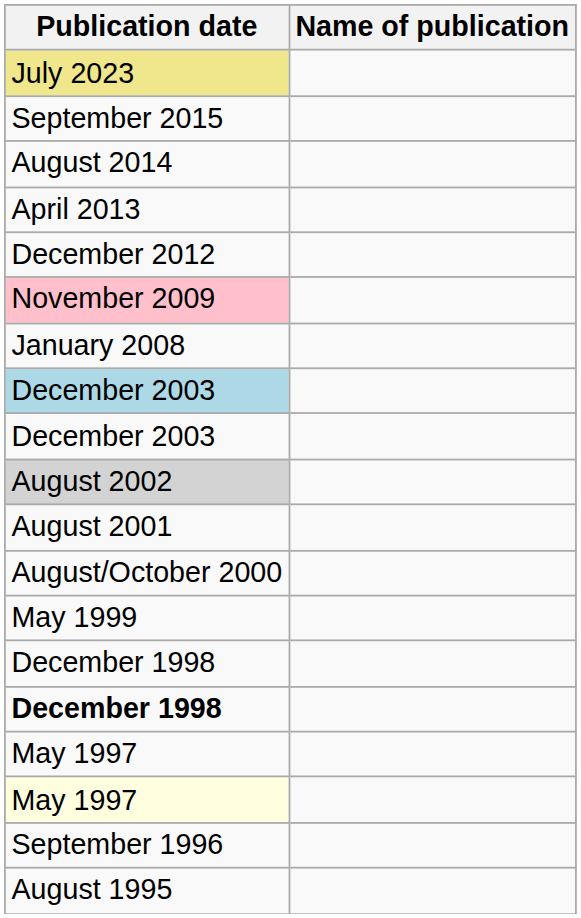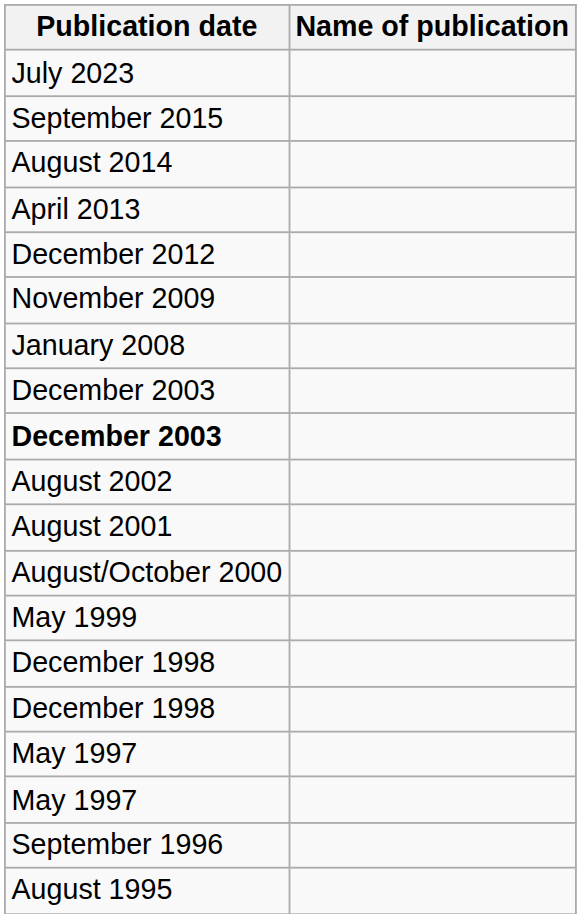 <table class="wikitable">
 <tr>
 <th>Publication date</th>
 <th>Name of publication</th>
 </tr>
 <tr>
-<td style="background: khaki;">July 2023</td>
+<td>July 2023</td>
 <td></td>
 </tr>
 <tr>
 <td>September 2015</td>
 <td></td>
 </tr>
 <tr>
 <td>August 2014</td>
 <td></td>
 </tr>
 <tr>
 <td>April 2013</td>
 <td></td>
 </tr>
 <tr>
 <td>December 2012</td>
 <td></td>
 </tr>
 <tr>
-<td style="background: pink;">November 2009</td>
+<td>November 2009</td>
 <td></td>
 </tr>
 <tr>
 <td>January 2008</td>
 <td></td>
 </tr>
 <tr>
-<td style="background: lightblue;">December 2003</td>
-<td></td>
-</tr>
-<tr>
 <td>December 2003</td>
 <td></td>
 </tr>
 <tr>
-<td style="background: lightgrey;">August 2002</td>
+<td><strong>December 2003</strong></td>
+<td></td>
+</tr>
+<tr>
+<td>August 2002</td>
 <td></td>
 </tr>
 <tr>
 <td>August 2001</td>
 <td></td>
 </tr>
 <tr>
 <td>August/October 2000</td>
 <td></td>
 </tr>
 <tr>
 <td>May 1999</td>
 <td></td>
 </tr>
 <tr>
 <td>December 1998</td>
 <td></td>
 </tr>
 <tr>
-<td><strong>December 1998</strong></td>
+<td>December 1998</td>
 <td></td>
 </tr>
 <tr>
 <td>May 1997</td>
 <td></td>
 </tr>
 <tr>
-<td style="background: lightyellow;">May 1997</td>
+<td>May 1997</td>
 <td></td>
 </tr>
 <tr>
 <td>September 1996</td>
 <td></td>
 </tr>
 <tr>
 <td>August 1995</td>
 <td></td>
 </tr>
 </table>
